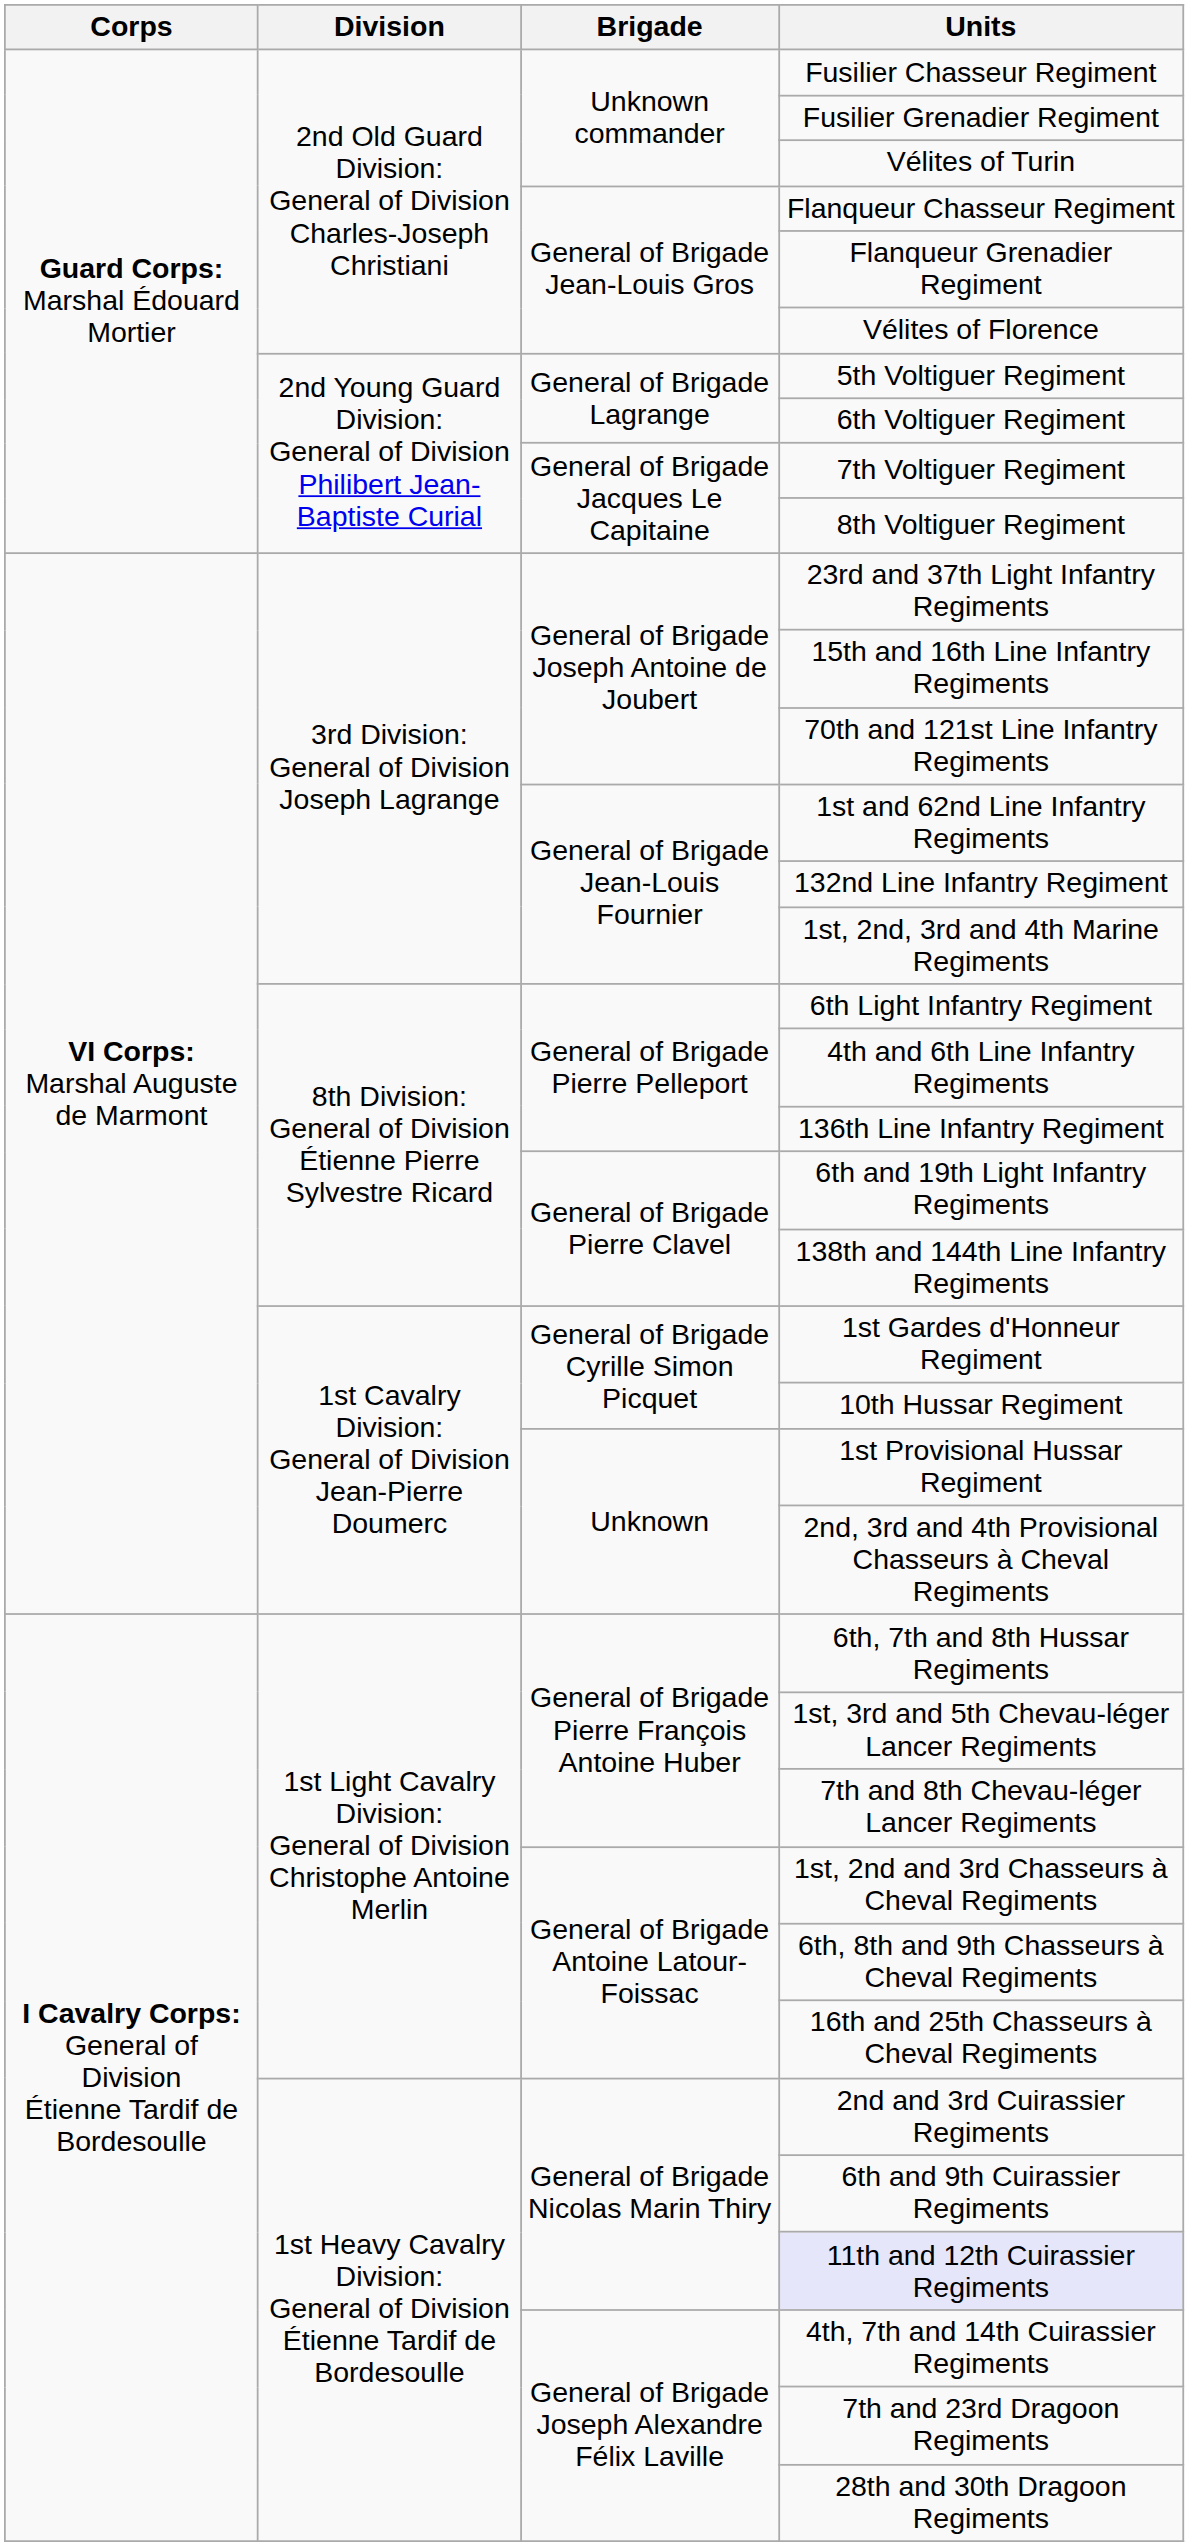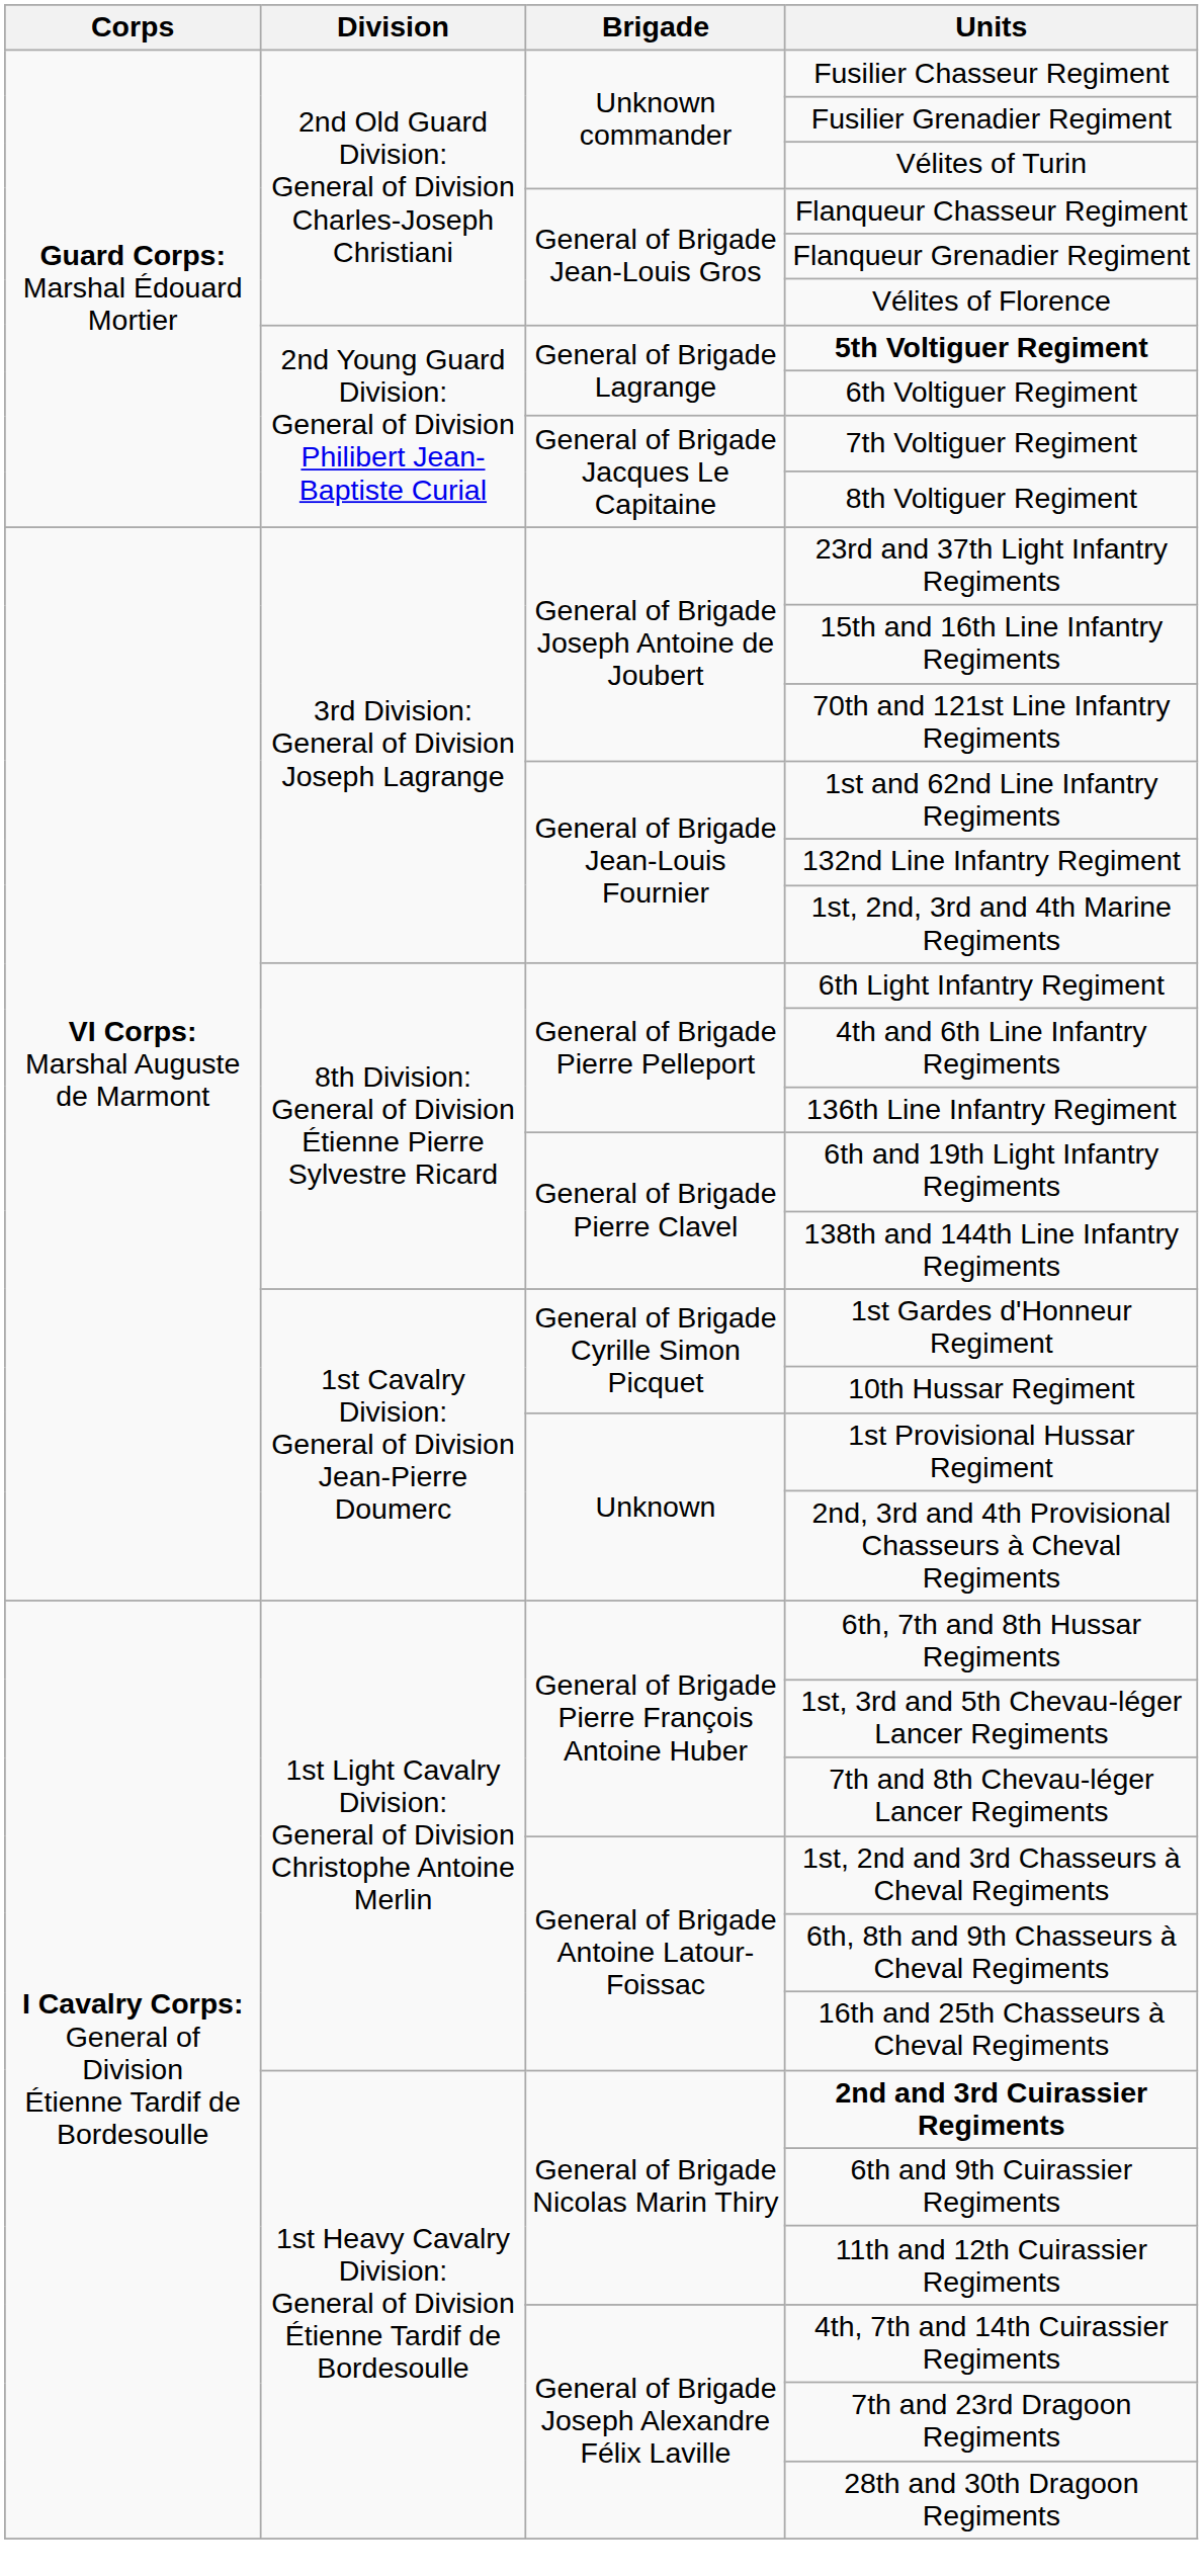 <table class="wikitable" style="text-align:center; width:75%;">
 <tr>
 <th>Corps</th>
 <th>Division</th>
 <th>Brigade</th>
 <th>Units</th>
 </tr>
 <tr>
 <td ROWSPAN=10><strong>Guard Corps:</strong><br>Marshal Édouard Mortier</td>
 <td ROWSPAN=6>2nd Old Guard Division:<br>General of Division<br>Charles-Joseph Christiani</td>
 <td ROWSPAN=3>Unknown commander</td>
 <td>Fusilier Chasseur Regiment</td>
 </tr>
 <tr>
 <td>Fusilier Grenadier Regiment</td>
 </tr>
 <tr>
 <td>Vélites of Turin</td>
 </tr>
 <tr>
 <td ROWSPAN=3>General of Brigade<br>Jean-Louis Gros</td>
 <td>Flanqueur Chasseur Regiment</td>
 </tr>
 <tr>
 <td>Flanqueur Grenadier Regiment</td>
 </tr>
 <tr>
 <td>Vélites of Florence</td>
 </tr>
 <tr>
 <td ROWSPAN=4>2nd Young Guard Division:<br>General of Division<br><a href='#'>Philibert Jean-Baptiste Curial</a></td>
 <td ROWSPAN=2>General of Brigade<br>Lagrange</td>
-<td>5th Voltiguer Regiment</td>
+<td><strong>5th Voltiguer Regiment</strong></td>
 </tr>
 <tr>
 <td>6th Voltiguer Regiment</td>
 </tr>
 <tr>
 <td ROWSPAN=2>General of Brigade<br>Jacques Le Capitaine</td>
 <td>7th Voltiguer Regiment</td>
 </tr>
 <tr>
 <td>8th Voltiguer Regiment</td>
 </tr>
 <tr>
 <td ROWSPAN=15><strong>VI Corps:</strong><br>Marshal Auguste de Marmont</td>
 <td ROWSPAN=6>3rd Division:<br>General of Division<br>Joseph Lagrange</td>
 <td ROWSPAN=3>General of Brigade<br>Joseph Antoine de Joubert</td>
 <td>23rd and 37th Light Infantry Regiments</td>
 </tr>
 <tr>
 <td>15th and 16th Line Infantry Regiments</td>
 </tr>
 <tr>
 <td>70th and 121st Line Infantry Regiments</td>
 </tr>
 <tr>
 <td ROWSPAN=3>General of Brigade<br>Jean-Louis Fournier</td>
 <td>1st and 62nd Line Infantry Regiments</td>
 </tr>
 <tr>
 <td>132nd Line Infantry Regiment</td>
 </tr>
 <tr>
 <td>1st, 2nd, 3rd and 4th Marine Regiments</td>
 </tr>
 <tr>
 <td ROWSPAN=5>8th Division:<br>General of Division<br>Étienne Pierre Sylvestre Ricard</td>
 <td ROWSPAN=3>General of Brigade<br>Pierre Pelleport</td>
 <td>6th Light Infantry Regiment</td>
 </tr>
 <tr>
 <td>4th and 6th Line Infantry Regiments</td>
 </tr>
 <tr>
 <td>136th Line Infantry Regiment</td>
 </tr>
 <tr>
 <td ROWSPAN=2>General of Brigade<br>Pierre Clavel</td>
 <td>6th and 19th Light Infantry Regiments</td>
 </tr>
 <tr>
 <td>138th and 144th Line Infantry Regiments</td>
 </tr>
 <tr>
 <td ROWSPAN=4>1st Cavalry Division:<br>General of Division<br>Jean-Pierre Doumerc</td>
 <td ROWSPAN=2>General of Brigade<br>Cyrille Simon Picquet</td>
 <td>1st Gardes d'Honneur Regiment</td>
 </tr>
 <tr>
 <td>10th Hussar Regiment</td>
 </tr>
 <tr>
 <td ROWSPAN=2>Unknown</td>
 <td>1st Provisional Hussar Regiment</td>
 </tr>
 <tr>
 <td>2nd, 3rd and 4th Provisional Chasseurs à Cheval Regiments</td>
 </tr>
 <tr>
 <td ROWSPAN=12><strong>I Cavalry Corps:</strong><br>General of Division<br>Étienne Tardif de Bordesoulle</td>
 <td ROWSPAN=6>1st Light Cavalry Division:<br>General of Division<br>Christophe Antoine Merlin</td>
 <td ROWSPAN=3>General of Brigade<br>Pierre François Antoine Huber</td>
 <td>6th, 7th and 8th Hussar Regiments</td>
 </tr>
 <tr>
 <td>1st, 3rd and 5th Chevau-léger Lancer Regiments</td>
 </tr>
 <tr>
 <td>7th and 8th Chevau-léger Lancer Regiments</td>
 </tr>
 <tr>
 <td ROWSPAN=3>General of Brigade<br>Antoine Latour-Foissac</td>
 <td>1st, 2nd and 3rd Chasseurs à Cheval Regiments</td>
 </tr>
 <tr>
 <td>6th, 8th and 9th Chasseurs à Cheval Regiments</td>
 </tr>
 <tr>
 <td>16th and 25th Chasseurs à Cheval Regiments</td>
 </tr>
 <tr>
 <td ROWSPAN=6>1st Heavy Cavalry Division:<br>General of Division<br>Étienne Tardif de Bordesoulle</td>
 <td ROWSPAN=3>General of Brigade<br>Nicolas Marin Thiry</td>
-<td>2nd and 3rd Cuirassier Regiments</td>
+<td><strong>2nd and 3rd Cuirassier Regiments</strong></td>
 </tr>
 <tr>
 <td>6th and 9th Cuirassier Regiments</td>
 </tr>
 <tr>
-<td style="background: lavender;">11th and 12th Cuirassier Regiments</td>
+<td>11th and 12th Cuirassier Regiments</td>
 </tr>
 <tr>
 <td ROWSPAN=3>General of Brigade<br>Joseph Alexandre Félix Laville</td>
 <td>4th, 7th and 14th Cuirassier Regiments</td>
 </tr>
 <tr>
 <td>7th and 23rd Dragoon Regiments</td>
 </tr>
 <tr>
 <td>28th and 30th Dragoon Regiments</td>
 </tr>
 <tr>
 </tr>
 </table>
